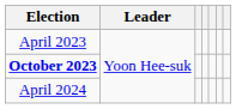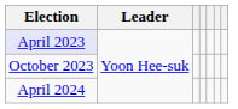 <table class="wikitable" style="text-align:center">
 <tr>
 <th>Election</th>
 <th>Leader</th>
 <th></th>
 <th></th>
 <th></th>
 <th></th>
 <th></th>
 </tr>
 <tr>
-<td><a href='#'>April 2023</a></td>
+<td style="background: lavender;"><a href='#'>April 2023</a></td>
 <td rowspan=3><a href='#'>Yoon Hee-suk</a></td>
 <td></td>
 <td></td>
 <td></td>
 <td></td>
 <td></td>
 </tr>
 <tr>
-<td><strong><a href='#'>October 2023</a></strong></td>
+<td><a href='#'>October 2023</a></td>
 <td></td>
 <td></td>
 <td></td>
 <td></td>
 <td></td>
 </tr>
 <tr>
 <td><a href='#'>April 2024</a></td>
 <td></td>
 <td></td>
 <td></td>
 <td></td>
 <td></td>
 </tr>
 </table>
